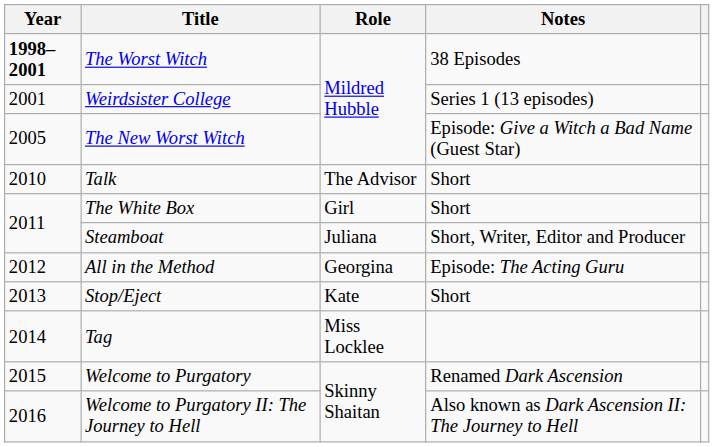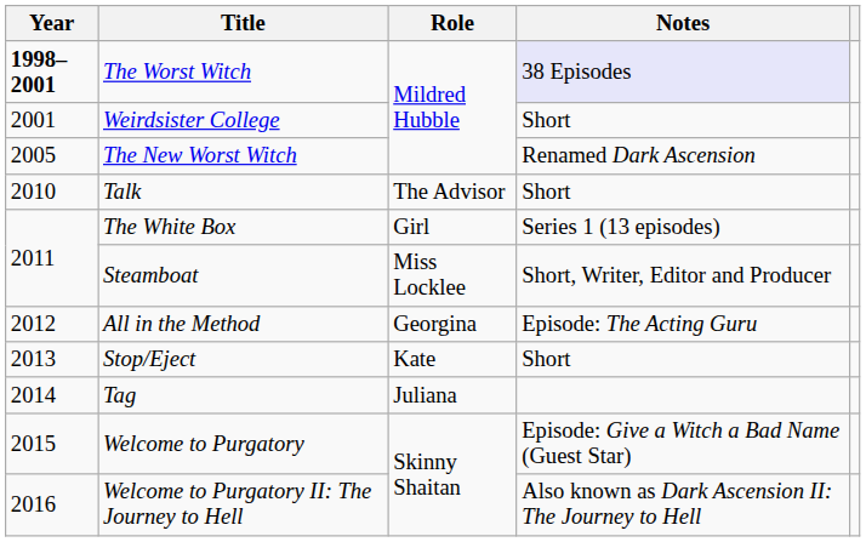 <table class="wikitable sortable">
 <tr>
 <th>Year</th>
 <th>Title</th>
 <th>Role</th>
 <th>Notes</th>
 <th></th>
 </tr>
 <tr>
 <td><strong>1998–2001</strong></td>
 <td><em><a href='#'>The Worst Witch</a></em></td>
 <td rowspan="3"><a href='#'>Mildred Hubble</a></td>
-<td>38 Episodes</td>
+<td style="background: lavender;">38 Episodes</td>
 <td></td>
 </tr>
 <tr>
 <td>2001</td>
 <td><em><a href='#'>Weirdsister College</a></em></td>
-<td>Series 1 (13 episodes)</td>
+<td>Short</td>
 <td></td>
 </tr>
 <tr>
 <td>2005</td>
 <td><em><a href='#'>The New Worst Witch</a></em></td>
-<td>Episode: <em>Give a Witch a Bad Name</em> (Guest Star)</td>
+<td>Renamed <em>Dark Ascension</em></td>
 <td></td>
 </tr>
 <tr>
 <td>2010</td>
 <td><em>Talk</em></td>
 <td>The Advisor</td>
 <td>Short</td>
 <td></td>
 </tr>
 <tr>
 <td rowspan="2">2011</td>
 <td><em>The White Box</em></td>
 <td>Girl</td>
-<td>Short</td>
+<td>Series 1 (13 episodes)</td>
 <td></td>
 </tr>
 <tr>
 <td><em>Steamboat</em></td>
-<td>Juliana</td>
+<td>Miss Locklee</td>
 <td>Short, Writer, Editor and Producer</td>
 <td></td>
 </tr>
 <tr>
 <td>2012</td>
 <td><em>All in the Method</em></td>
 <td>Georgina</td>
 <td>Episode: <em>The Acting Guru</em></td>
 <td></td>
 </tr>
 <tr>
 <td>2013</td>
 <td><em>Stop/Eject</em></td>
 <td>Kate</td>
 <td>Short</td>
 <td></td>
 </tr>
 <tr>
 <td>2014</td>
 <td><em>Tag</em></td>
-<td>Miss Locklee</td>
+<td>Juliana</td>
 <td></td>
 <td></td>
 </tr>
 <tr>
 <td>2015</td>
 <td><em>Welcome to Purgatory</em></td>
 <td rowspan="2">Skinny Shaitan</td>
-<td>Renamed <em>Dark Ascension</em></td>
+<td>Episode: <em>Give a Witch a Bad Name</em> (Guest Star)</td>
 <td></td>
 </tr>
 <tr>
 <td>2016</td>
 <td><em>Welcome to Purgatory II: The Journey to Hell</em></td>
 <td>Also known as <em>Dark Ascension II: The Journey to Hell</em></td>
 <td></td>
 </tr>
 </table>
